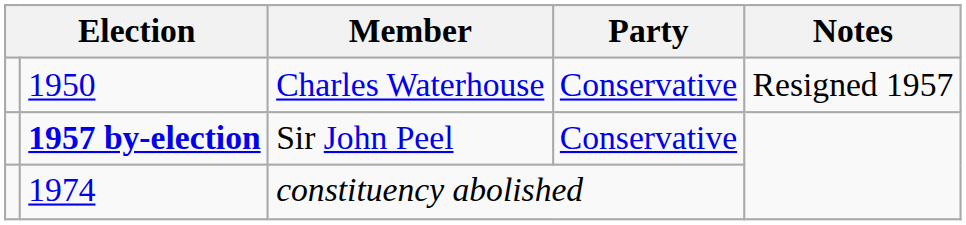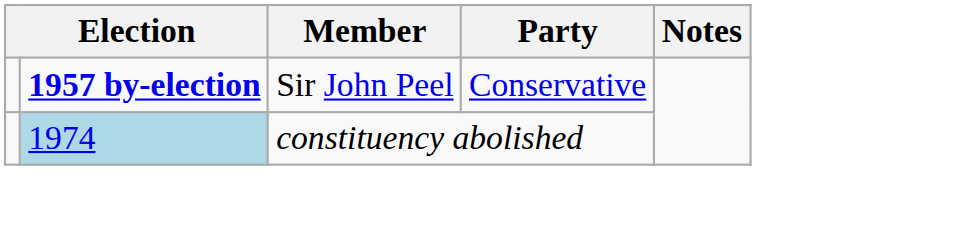 <table class="wikitable">
 <tr>
 <th colspan="2">Election</th>
 <th>Member</th>
 <th>Party</th>
 <th>Notes</th>
 </tr>
 <tr>
 <td style="color:inherit;background-color: "></td>
-<td><a href='#'>1950</a></td>
-<td><a href='#'>Charles Waterhouse</a></td>
-<td><a href='#'>Conservative</a></td>
-<td>Resigned 1957</td>
-</tr>
-<tr>
-<td style="color:inherit;background-color: "></td>
 <td><strong><a href='#'>1957 by-election</a></strong></td>
 <td>Sir <a href='#'>John Peel</a></td>
 <td><a href='#'>Conservative</a></td>
 </tr>
 <tr>
 <td></td>
-<td><a href='#'>1974</a></td>
+<td style="background: lightblue;"><a href='#'>1974</a></td>
 <td colspan="2"><em>constituency abolished</em></td>
 </tr>
 </table>
